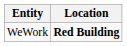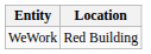 <table class="wikitable">
 <tr>
 <th>Entity</th>
 <th>Location</th>
 </tr>
 <tr>
 <td>WeWork</td>
-<td><strong>Red Building</strong></td>
+<td>Red Building</td>
 </tr>
 </table>
